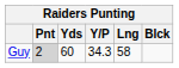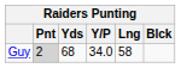 <table class="wikitable">
 <tr>
 <th colspan="6">Raiders Punting</th>
 </tr>
 <tr>
 <th></th>
 <th>Pnt</th>
 <th>Yds</th>
 <th>Y/P</th>
 <th>Lng</th>
 <th>Blck</th>
 </tr>
 <tr>
 <td><a href='#'>Guy</a></td>
 <td style="background: lightgrey;">2</td>
-<td>60</td>
-<td>34.3</td>
+<td>68</td>
+<td>34.0</td>
 <td>58</td>
 <td></td>
 </tr>
 </table>
